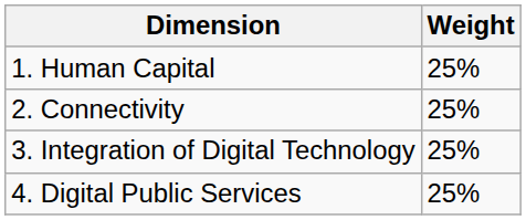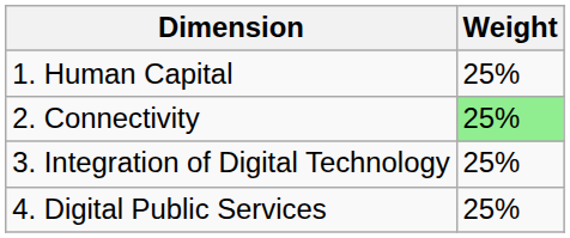 <table class="wikitable">
 <tr>
 <th>Dimension</th>
 <th>Weight</th>
 </tr>
 <tr>
 <td>1. Human Capital</td>
 <td>25%</td>
 </tr>
 <tr>
 <td>2. Connectivity</td>
-<td>25%</td>
+<td style="background: lightgreen;">25%</td>
 </tr>
 <tr>
 <td>3. Integration of Digital Technology</td>
 <td>25%</td>
 </tr>
 <tr>
 <td>4. Digital Public Services</td>
 <td>25%</td>
 </tr>
 </table>
